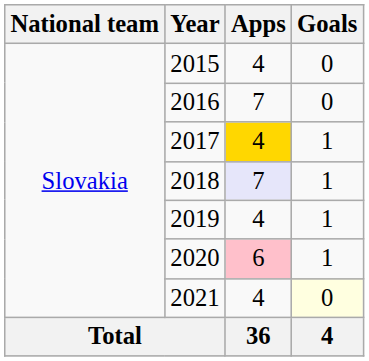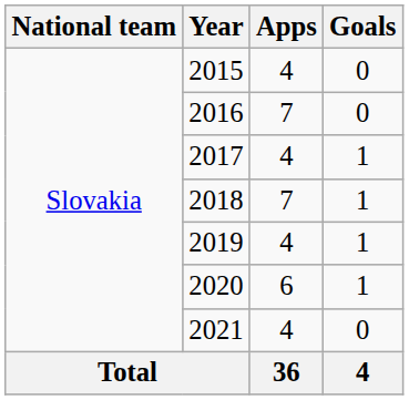 <table class="wikitable" style="text-align:center">
 <tr>
 <th>National team</th>
 <th>Year</th>
 <th>Apps</th>
 <th>Goals</th>
 </tr>
 <tr>
 <td rowspan="7"><a href='#'>Slovakia</a></td>
 <td>2015</td>
 <td>4</td>
 <td>0</td>
 </tr>
 <tr>
 <td>2016</td>
 <td>7</td>
 <td>0</td>
 </tr>
 <tr>
 <td>2017</td>
-<td style="background: gold;">4</td>
+<td>4</td>
 <td>1</td>
 </tr>
 <tr>
 <td>2018</td>
-<td style="background: lavender;">7</td>
+<td>7</td>
 <td>1</td>
 </tr>
 <tr>
 <td>2019</td>
 <td>4</td>
 <td>1</td>
 </tr>
 <tr>
 <td>2020</td>
-<td style="background: pink;">6</td>
+<td>6</td>
 <td>1</td>
 </tr>
 <tr>
 <td>2021</td>
 <td>4</td>
-<td style="background: lightyellow;">0</td>
+<td>0</td>
 </tr>
 <tr>
 <th colspan="2">Total</th>
 <th>36</th>
 <th>4</th>
 </tr>
 </table>
